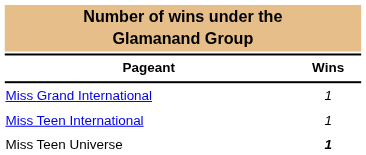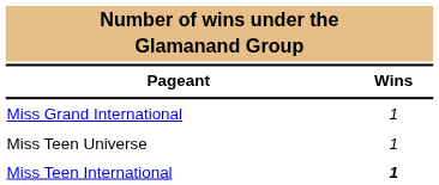 <table class="toccolours" style="width: 20em; float:right; margin-left:1em; font-size:85%; line-height:1.5em; width:23%;">
 <tr>
 <th colspan="2" align="center" style="background:#E6BE8A;"><big>Number of wins under the<br>Glamanand Group</big></th>
 </tr>
 <tr>
 <td colspan="2" style="background:black"></td>
 </tr>
 <tr>
 <th scope="col">Pageant</th>
 <th scope="col">Wins</th>
 </tr>
 <tr>
 <td colspan="2" style="background:black"></td>
 </tr>
 <tr>
 <td align="left"><a href='#'>Miss Grand International</a></td>
 <td align="center"><em>1</em></td>
 </tr>
 <tr>
-<td align="left"><a href='#'>Miss Teen International</a></td>
+<td align="left">Miss Teen Universe</td>
 <td align="center"><em>1</em></td>
 </tr>
 <tr>
-<td align="left">Miss Teen Universe</td>
+<td align="left"><a href='#'>Miss Teen International</a></td>
 <td align="center"><strong><em>1</em></strong></td>
 </tr>
 </table>
